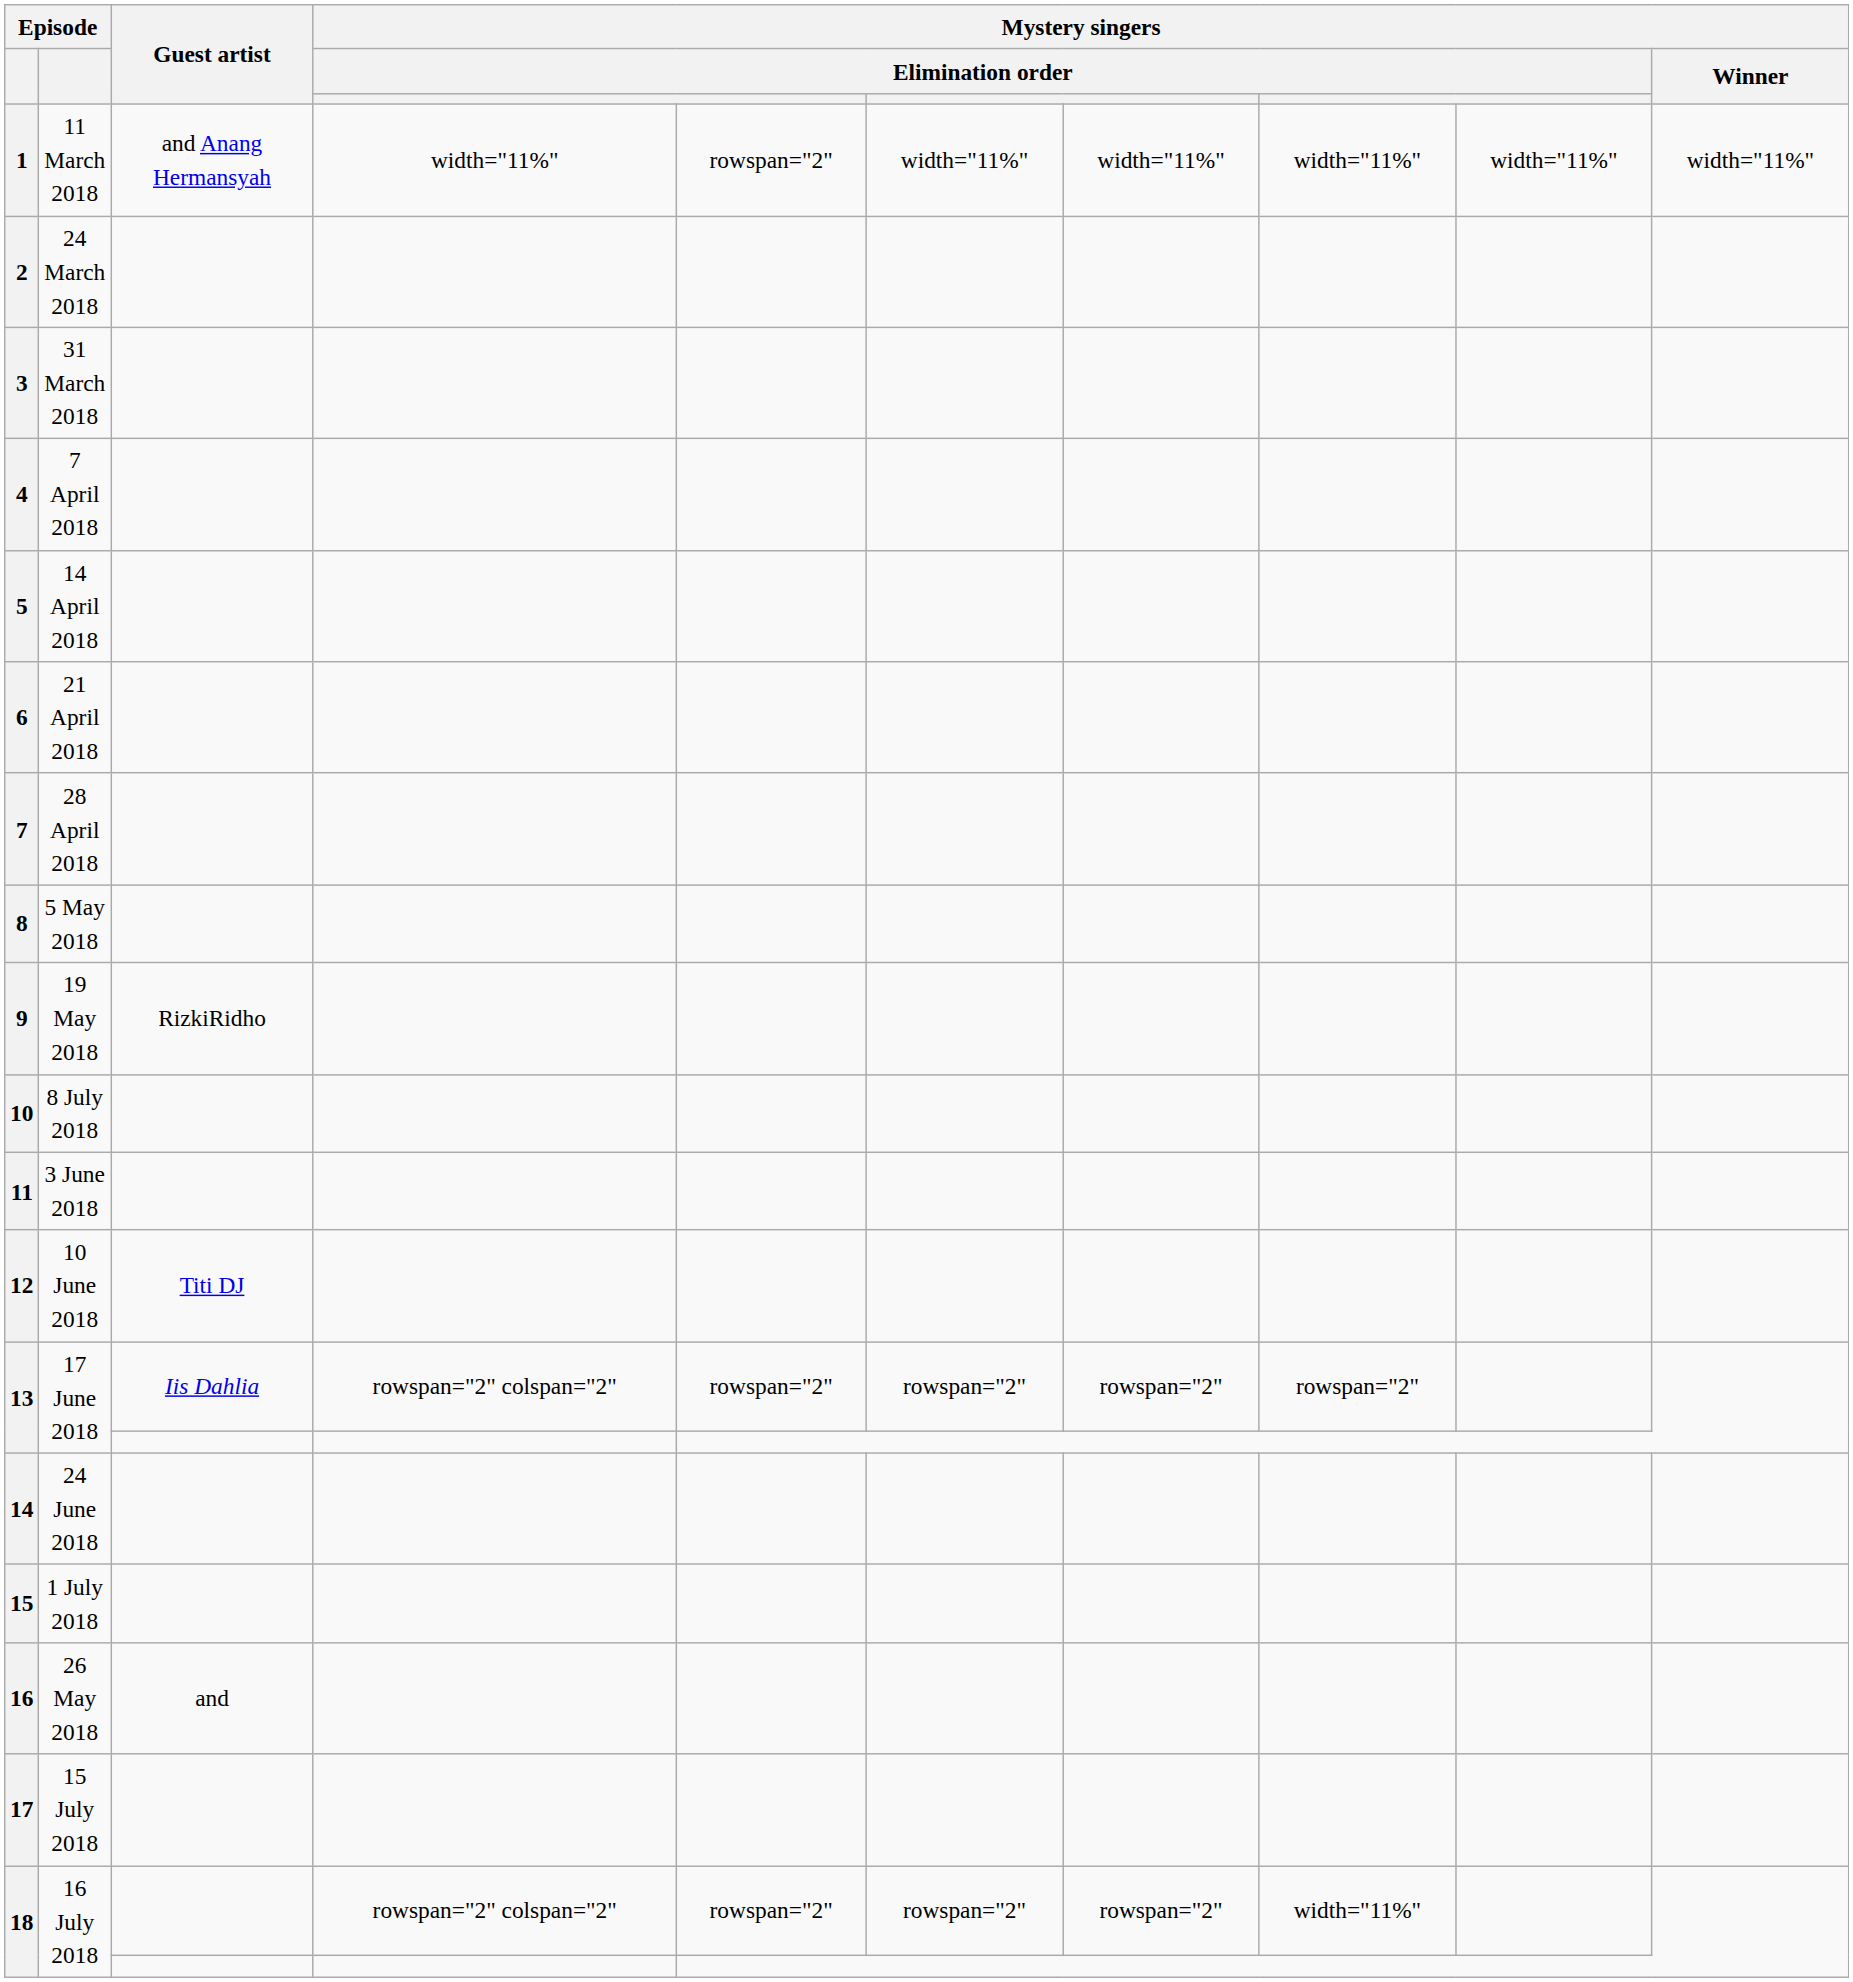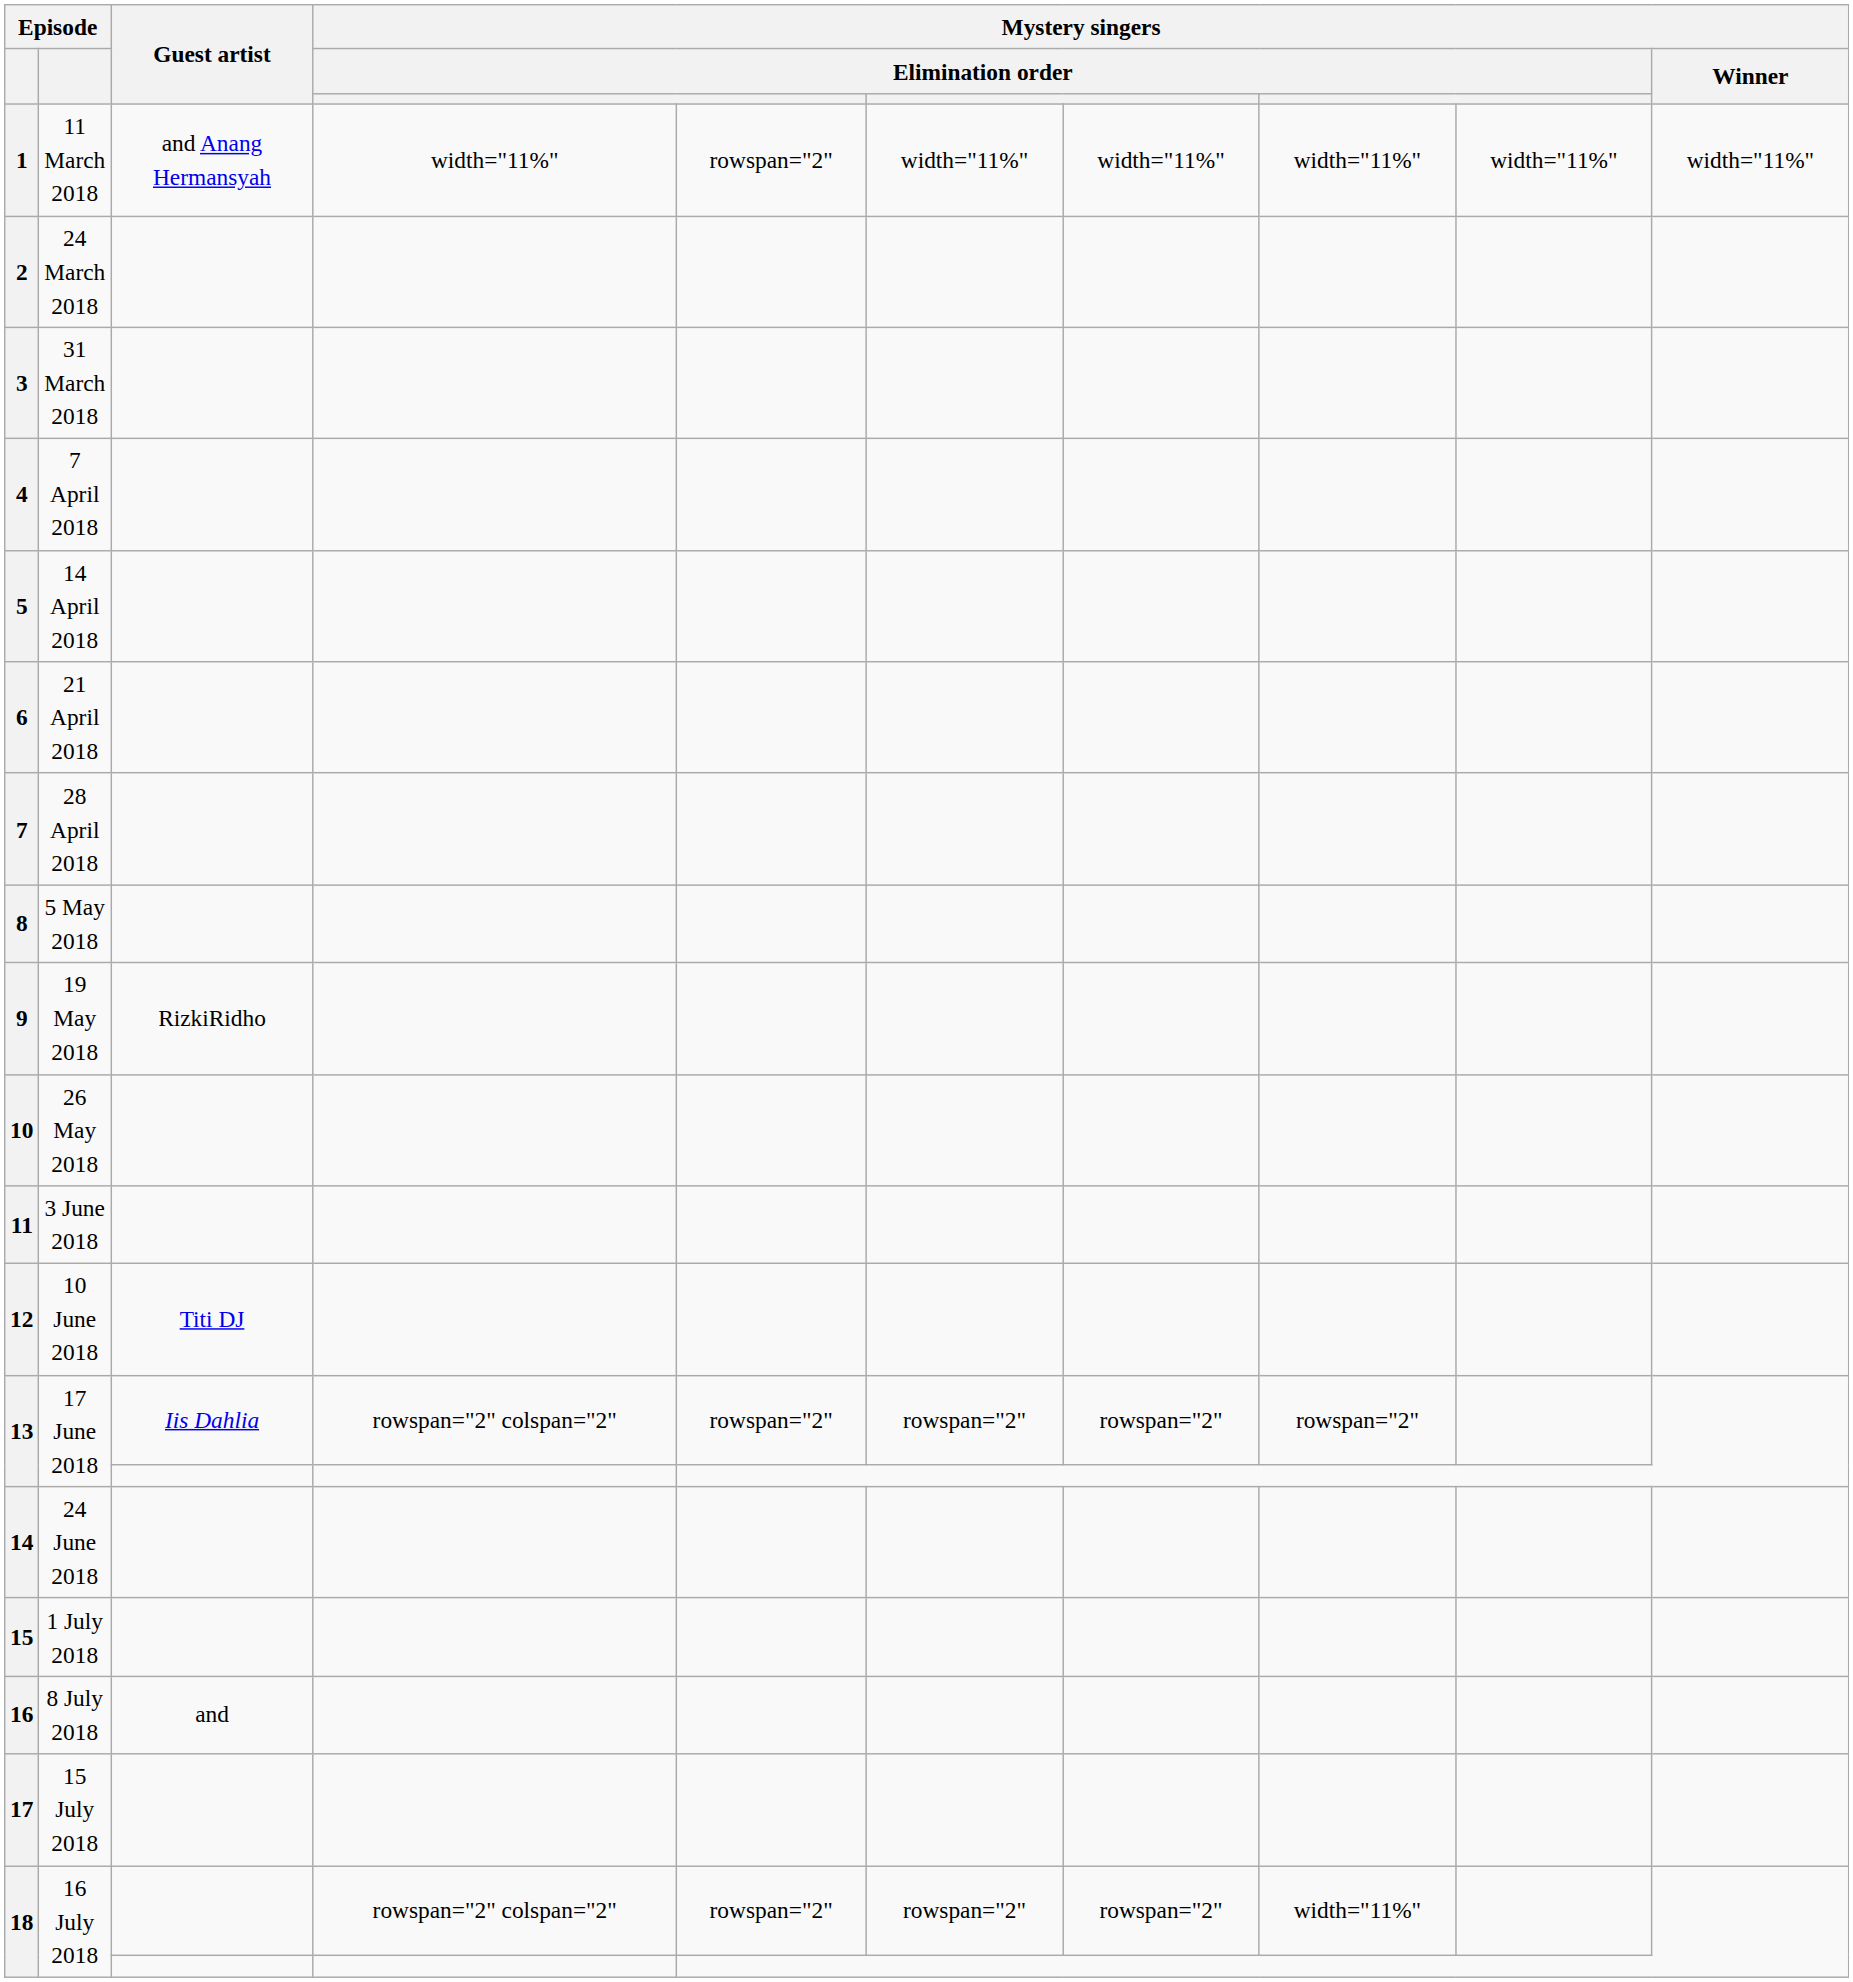 <table class="wikitable plainrowheaders mw-collapsible" style="text-align:center; line-height:23px; width:100%;">
 <tr>
 <th colspan="2" width="1%">Episode</th>
 <th rowspan="3" width="11%">Guest artist</th>
 <th colspan="7">Mystery singers<br></th>
 </tr>
 <tr>
 <th rowspan="2"></th>
 <th rowspan="2"></th>
 <th colspan="6">Elimination order</th>
 <th rowspan="2">Winner</th>
 </tr>
 <tr>
 <th colspan="2"></th>
 <th colspan="2"></th>
 <th colspan="2"></th>
 </tr>
 <tr>
 <th>1</th>
 <td>11 March 2018</td>
 <td> and <a href='#'>Anang Hermansyah</a></td>
 <td>width="11%" </td>
 <td>rowspan="2"</td>
 <td>width="11%" </td>
 <td>width="11%" </td>
 <td>width="11%" </td>
 <td>width="11%" </td>
 <td>width="11%" </td>
 </tr>
 <tr>
 <th>2</th>
 <td>24 March 2018</td>
 <td></td>
 <td></td>
 <td></td>
 <td></td>
 <td></td>
 <td></td>
 <td></td>
 <td></td>
 </tr>
 <tr>
 <th>3</th>
 <td>31 March 2018</td>
 <td></td>
 <td></td>
 <td></td>
 <td></td>
 <td></td>
 <td></td>
 <td></td>
 <td></td>
 </tr>
 <tr>
 <th>4</th>
 <td>7 April 2018</td>
 <td></td>
 <td></td>
 <td></td>
 <td></td>
 <td></td>
 <td></td>
 <td></td>
 <td></td>
 </tr>
 <tr>
 <th>5</th>
 <td>14 April 2018</td>
 <td></td>
 <td></td>
 <td></td>
 <td></td>
 <td></td>
 <td></td>
 <td></td>
 <td></td>
 </tr>
 <tr>
 <th>6</th>
 <td>21 April 2018</td>
 <td></td>
 <td></td>
 <td></td>
 <td></td>
 <td></td>
 <td></td>
 <td></td>
 <td></td>
 </tr>
 <tr>
 <th>7</th>
 <td>28 April 2018</td>
 <td></td>
 <td></td>
 <td></td>
 <td></td>
 <td></td>
 <td></td>
 <td></td>
 <td></td>
 </tr>
 <tr>
 <th>8</th>
 <td>5 May 2018</td>
 <td></td>
 <td></td>
 <td></td>
 <td></td>
 <td></td>
 <td></td>
 <td></td>
 <td></td>
 </tr>
 <tr>
 <th>9</th>
 <td>19 May 2018</td>
 <td>RizkiRidho<br></td>
 <td></td>
 <td></td>
 <td></td>
 <td></td>
 <td></td>
 <td></td>
 <td></td>
 </tr>
 <tr>
 <th>10</th>
-<td>8 July 2018</td>
+<td>26 May 2018</td>
 <td></td>
 <td></td>
 <td></td>
 <td></td>
 <td></td>
 <td></td>
 <td></td>
 <td></td>
 </tr>
 <tr>
 <th>11</th>
 <td>3 June 2018</td>
 <td></td>
 <td></td>
 <td></td>
 <td></td>
 <td></td>
 <td></td>
 <td></td>
 <td></td>
 </tr>
 <tr>
 <th>12</th>
 <td>10 June 2018</td>
 <td><a href='#'>Titi DJ</a></td>
 <td></td>
 <td></td>
 <td></td>
 <td></td>
 <td></td>
 <td></td>
 <td></td>
 </tr>
 <tr>
 <th rowspan="2">13</th>
 <td rowspan="2">17 June 2018</td>
 <td><em><a href='#'>Iis Dahlia</a></em></td>
 <td>rowspan="2" colspan="2" </td>
 <td>rowspan="2"</td>
 <td>rowspan="2"</td>
 <td>rowspan="2"</td>
 <td>rowspan="2"</td>
 <td></td>
 </tr>
 <tr>
 <td></td>
 <td></td>
 </tr>
 <tr>
 <th>14</th>
 <td>24 June 2018</td>
 <td></td>
 <td></td>
 <td></td>
 <td></td>
 <td></td>
 <td></td>
 <td></td>
 <td></td>
 </tr>
 <tr>
 <th>15</th>
 <td>1 July 2018</td>
 <td></td>
 <td></td>
 <td></td>
 <td></td>
 <td></td>
 <td></td>
 <td></td>
 <td></td>
 </tr>
 <tr>
 <th>16</th>
-<td>26 May 2018</td>
+<td>8 July 2018</td>
 <td> and </td>
 <td></td>
 <td></td>
 <td></td>
 <td></td>
 <td></td>
 <td></td>
 <td></td>
 </tr>
 <tr>
 <th>17</th>
 <td>15 July 2018</td>
 <td></td>
 <td></td>
 <td></td>
 <td></td>
 <td></td>
 <td></td>
 <td></td>
 <td></td>
 </tr>
 <tr>
 <th rowspan="2">18</th>
 <td rowspan="2">16 July 2018</td>
 <td><em></em></td>
 <td>rowspan="2" colspan="2" </td>
 <td>rowspan="2"</td>
 <td>rowspan="2"</td>
 <td>rowspan="2"</td>
 <td>width="11%" </td>
 <td></td>
 </tr>
 <tr>
 <td></td>
 <td></td>
 </tr>
 </table>
